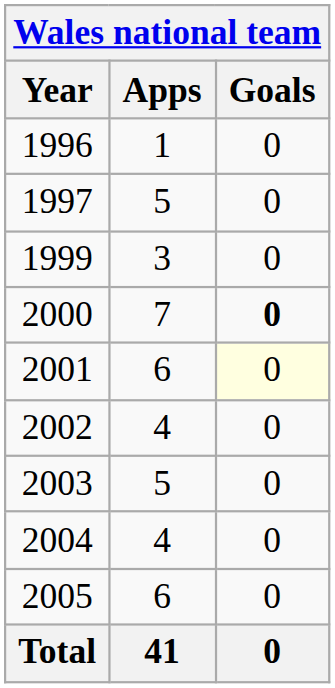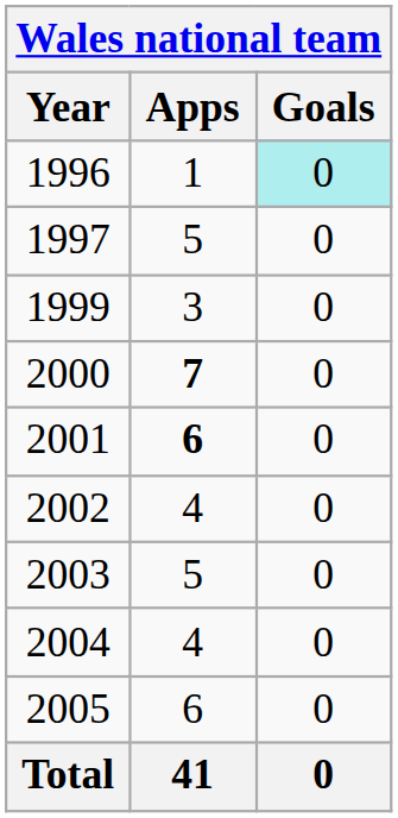 <table class="wikitable" style="text-align:center">
 <tr>
 <th colspan="3"><a href='#'>Wales national team</a></th>
 </tr>
 <tr>
 <th>Year</th>
 <th>Apps</th>
 <th>Goals</th>
 </tr>
 <tr>
 <td>1996</td>
 <td>1</td>
-<td>0</td>
+<td style="background: paleturquoise;">0</td>
 </tr>
 <tr>
 <td>1997</td>
 <td>5</td>
 <td>0</td>
 </tr>
 <tr>
 <td>1999</td>
 <td>3</td>
 <td>0</td>
 </tr>
 <tr>
 <td>2000</td>
-<td>7</td>
-<td><strong>0</strong></td>
+<td><strong>7</strong></td>
+<td>0</td>
 </tr>
 <tr>
 <td>2001</td>
-<td>6</td>
-<td style="background: lightyellow;">0</td>
+<td><strong>6</strong></td>
+<td>0</td>
 </tr>
 <tr>
 <td>2002</td>
 <td>4</td>
 <td>0</td>
 </tr>
 <tr>
 <td>2003</td>
 <td>5</td>
 <td>0</td>
 </tr>
 <tr>
 <td>2004</td>
 <td>4</td>
 <td>0</td>
 </tr>
 <tr>
 <td>2005</td>
 <td>6</td>
 <td>0</td>
 </tr>
 <tr>
 <th>Total</th>
 <th>41</th>
 <th>0</th>
 </tr>
 </table>
